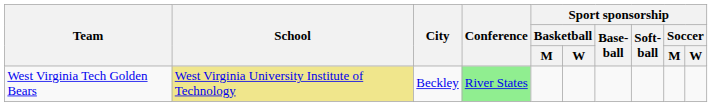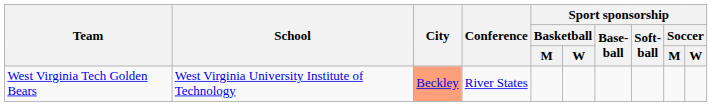 <table class="sortable wikitable">
 <tr>
 <th rowspan=3>Team</th>
 <th rowspan=3>School</th>
 <th rowspan=3>City</th>
 <th rowspan=3>Conference</th>
 <th colspan=6>Sport sponsorship</th>
 </tr>
 <tr>
 <th colspan=2>Basketball</th>
 <th rowspan=2>Base-<br>ball</th>
 <th rowspan=2>Soft-<br>ball</th>
 <th colspan=2>Soccer</th>
 </tr>
 <tr>
 <th>M</th>
 <th>W</th>
 <th>M</th>
 <th>W</th>
 </tr>
 <tr>
 <td><a href='#'>West Virginia Tech Golden Bears</a></td>
-<td style="background: khaki;"><a href='#'>West Virginia University Institute of Technology</a></td>
-<td><a href='#'>Beckley</a></td>
-<td style="background: lightgreen;"><a href='#'>River States</a></td>
+<td><a href='#'>West Virginia University Institute of Technology</a></td>
+<td style="background: lightsalmon;"><a href='#'>Beckley</a></td>
+<td><a href='#'>River States</a></td>
 <td></td>
 <td></td>
 <td></td>
 <td></td>
 <td></td>
 <td></td>
 </tr>
 </table>
